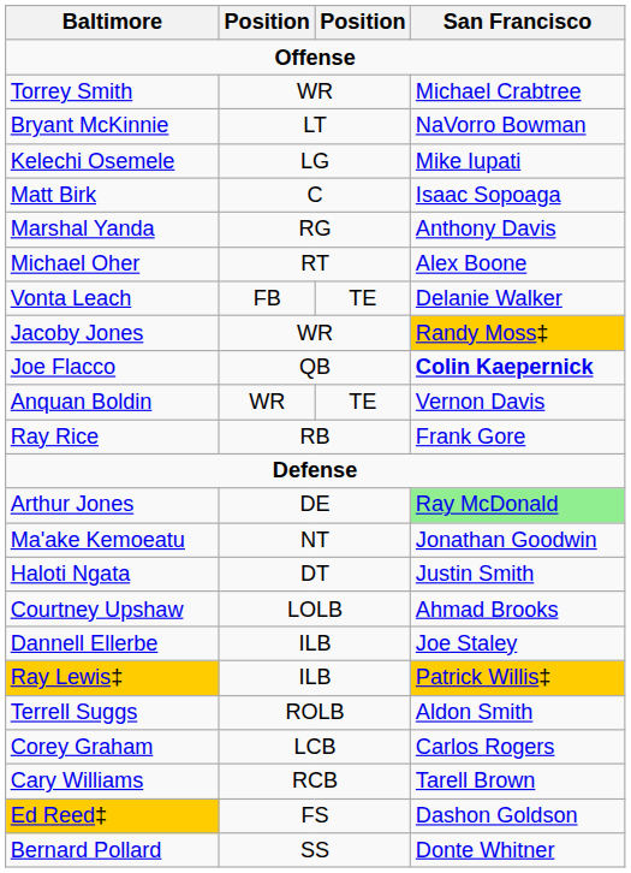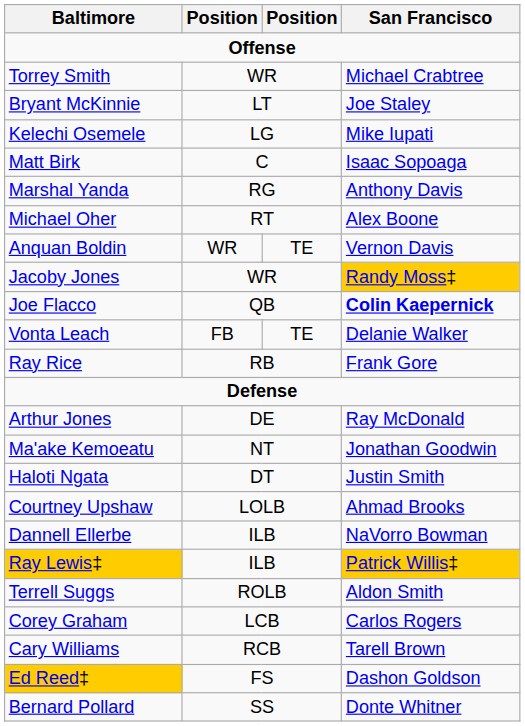 <table class="wikitable">
 <tr>
 <th style="width:150px">Baltimore</th>
 <th>Position</th>
 <th>Position</th>
 <th style="width:150px">San Francisco</th>
 </tr>
 <tr>
 <td colspan="4" style="text-align:center;"><strong>Offense</strong></td>
 </tr>
 <tr>
 <td><a href='#'>Torrey Smith</a></td>
 <td colspan="2" style="text-align:center;">WR</td>
 <td><a href='#'>Michael Crabtree</a></td>
 </tr>
 <tr>
 <td><a href='#'>Bryant McKinnie</a></td>
 <td colspan="2" style="text-align:center;">LT</td>
-<td><a href='#'>NaVorro Bowman</a></td>
+<td><a href='#'>Joe Staley</a></td>
 </tr>
 <tr>
 <td><a href='#'>Kelechi Osemele</a></td>
 <td colspan="2" style="text-align:center;">LG</td>
 <td><a href='#'>Mike Iupati</a></td>
 </tr>
 <tr>
 <td><a href='#'>Matt Birk</a></td>
 <td colspan="2" style="text-align:center;">C</td>
 <td><a href='#'>Isaac Sopoaga</a></td>
 </tr>
 <tr>
 <td><a href='#'>Marshal Yanda</a></td>
 <td colspan="2" style="text-align:center;">RG</td>
 <td><a href='#'>Anthony Davis</a></td>
 </tr>
 <tr>
 <td><a href='#'>Michael Oher</a></td>
 <td colspan="2" style="text-align:center;">RT</td>
 <td><a href='#'>Alex Boone</a></td>
 </tr>
 <tr>
-<td><a href='#'>Vonta Leach</a></td>
-<td style="text-align:center;">FB</td>
+<td><a href='#'>Anquan Boldin</a></td>
+<td style="text-align:center;">WR</td>
 <td style="text-align:center;">TE</td>
-<td><a href='#'>Delanie Walker</a></td>
+<td><a href='#'>Vernon Davis</a></td>
 </tr>
 <tr>
 <td><a href='#'>Jacoby Jones</a></td>
 <td colspan="2" style="text-align:center;">WR</td>
 <td bgcolor="#FFCC00"><a href='#'>Randy Moss</a>‡</td>
 </tr>
 <tr>
 <td><a href='#'>Joe Flacco</a></td>
 <td colspan="2" style="text-align:center;">QB</td>
 <td><strong><a href='#'>Colin Kaepernick</a></strong></td>
 </tr>
 <tr>
-<td><a href='#'>Anquan Boldin</a></td>
-<td style="text-align:center;">WR</td>
+<td><a href='#'>Vonta Leach</a></td>
+<td style="text-align:center;">FB</td>
 <td style="text-align:center;">TE</td>
-<td><a href='#'>Vernon Davis</a></td>
+<td><a href='#'>Delanie Walker</a></td>
 </tr>
 <tr>
 <td><a href='#'>Ray Rice</a></td>
 <td colspan="2" style="text-align:center;">RB</td>
 <td><a href='#'>Frank Gore</a></td>
 </tr>
 <tr>
 <td colspan="4" style="text-align:center;"><strong>Defense</strong></td>
 </tr>
 <tr>
 <td><a href='#'>Arthur Jones</a></td>
 <td colspan="2" style="text-align:center;">DE</td>
-<td style="background: lightgreen;"><a href='#'>Ray McDonald</a></td>
+<td><a href='#'>Ray McDonald</a></td>
 </tr>
 <tr>
 <td><a href='#'>Ma'ake Kemoeatu</a></td>
 <td colspan="2" style="text-align:center;">NT</td>
 <td><a href='#'>Jonathan Goodwin</a></td>
 </tr>
 <tr>
 <td><a href='#'>Haloti Ngata</a></td>
 <td colspan="2" style="text-align:center;">DT</td>
 <td><a href='#'>Justin Smith</a></td>
 </tr>
 <tr>
 <td><a href='#'>Courtney Upshaw</a></td>
 <td colspan="2" style="text-align:center;">LOLB</td>
 <td><a href='#'>Ahmad Brooks</a></td>
 </tr>
 <tr>
 <td><a href='#'>Dannell Ellerbe</a></td>
 <td colspan="2" style="text-align:center;">ILB</td>
-<td><a href='#'>Joe Staley</a></td>
+<td><a href='#'>NaVorro Bowman</a></td>
 </tr>
 <tr>
 <td bgcolor="#FFCC00"><a href='#'>Ray Lewis</a>‡</td>
 <td colspan="2" style="text-align:center;">ILB</td>
 <td style="background:#fc0;"><a href='#'>Patrick Willis</a>‡</td>
 </tr>
 <tr>
 <td><a href='#'>Terrell Suggs</a></td>
 <td colspan="2" style="text-align:center;">ROLB</td>
 <td><a href='#'>Aldon Smith</a></td>
 </tr>
 <tr>
 <td><a href='#'>Corey Graham</a></td>
 <td colspan="2" style="text-align:center;">LCB</td>
 <td><a href='#'>Carlos Rogers</a></td>
 </tr>
 <tr>
 <td><a href='#'>Cary Williams</a></td>
 <td colspan="2" style="text-align:center;">RCB</td>
 <td><a href='#'>Tarell Brown</a></td>
 </tr>
 <tr>
 <td bgcolor="#FFCC00"><a href='#'>Ed Reed</a>‡</td>
 <td colspan="2" style="text-align:center;">FS</td>
 <td><a href='#'>Dashon Goldson</a></td>
 </tr>
 <tr>
 <td><a href='#'>Bernard Pollard</a></td>
 <td colspan="2" style="text-align:center;">SS</td>
 <td><a href='#'>Donte Whitner</a></td>
 </tr>
 </table>
